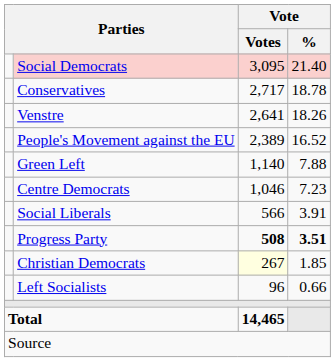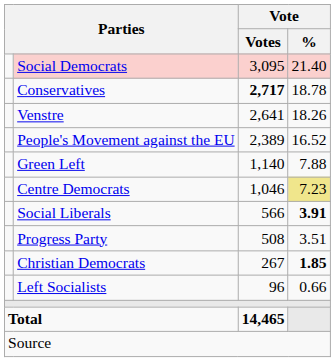 <table class="wikitable" style="text-align:right;">
 <tr>
 <th style="text-align:centre;" rowspan="2" colspan="2" width="225">Parties</th>
 <th colspan="3">Vote</th>
 </tr>
 <tr>
 <th width="15">Votes</th>
 <th width="15">%</th>
 </tr>
 <tr>
 <td width="2" style="color:inherit;background:"></td>
 <td bgcolor=#fbd0ce   align="left"><a href='#'>Social Democrats</a></td>
 <td bgcolor=#fbd0ce>3,095</td>
 <td bgcolor=#fbd0ce>21.40</td>
 </tr>
 <tr>
 <td width="2" style="color:inherit;background:"></td>
 <td align="left"><a href='#'>Conservatives</a></td>
-<td>2,717</td>
+<td><strong>2,717</strong></td>
 <td>18.78</td>
 </tr>
 <tr>
 <td width="2" style="color:inherit;background:"></td>
 <td align="left"><a href='#'>Venstre</a></td>
 <td>2,641</td>
 <td>18.26</td>
 </tr>
 <tr>
 <td width="2" style="color:inherit;background:"></td>
 <td align="left"><a href='#'>People's Movement against the EU</a></td>
 <td>2,389</td>
 <td>16.52</td>
 </tr>
 <tr>
 <td width="2" style="color:inherit;background:"></td>
 <td align="left"><a href='#'>Green Left</a></td>
 <td>1,140</td>
 <td>7.88</td>
 </tr>
 <tr>
 <td width="2" style="color:inherit;background:"></td>
 <td align="left"><a href='#'>Centre Democrats</a></td>
 <td>1,046</td>
-<td>7.23</td>
+<td style="background: khaki;">7.23</td>
 </tr>
 <tr>
 <td width="2" style="color:inherit;background:"></td>
 <td align="left"><a href='#'>Social Liberals</a></td>
 <td>566</td>
-<td>3.91</td>
+<td><strong>3.91</strong></td>
 </tr>
 <tr>
 <td width="2" style="color:inherit;background:"></td>
 <td align="left"><a href='#'>Progress Party</a></td>
-<td><strong>508</strong></td>
-<td><strong>3.51</strong></td>
+<td>508</td>
+<td>3.51</td>
 </tr>
 <tr>
 <td width="2" style="color:inherit;background:"></td>
 <td align="left"><a href='#'>Christian Democrats</a></td>
-<td style="background: lightyellow;">267</td>
-<td>1.85</td>
+<td>267</td>
+<td><strong>1.85</strong></td>
 </tr>
 <tr>
 <td width="2" style="color:inherit;background:"></td>
 <td align="left"><a href='#'>Left Socialists</a></td>
 <td>96</td>
 <td>0.66</td>
 </tr>
 <tr>
 <td colspan="7" bgcolor="#E9E9E9"></td>
 </tr>
 <tr>
 <td align="left" colspan="2"><strong>Total</strong></td>
 <td><strong>14,465</strong></td>
 <td bgcolor="#E9E9E9" colspan="2"></td>
 </tr>
 <tr>
 <td align="left" colspan="6">Source</td>
 </tr>
 </table>
